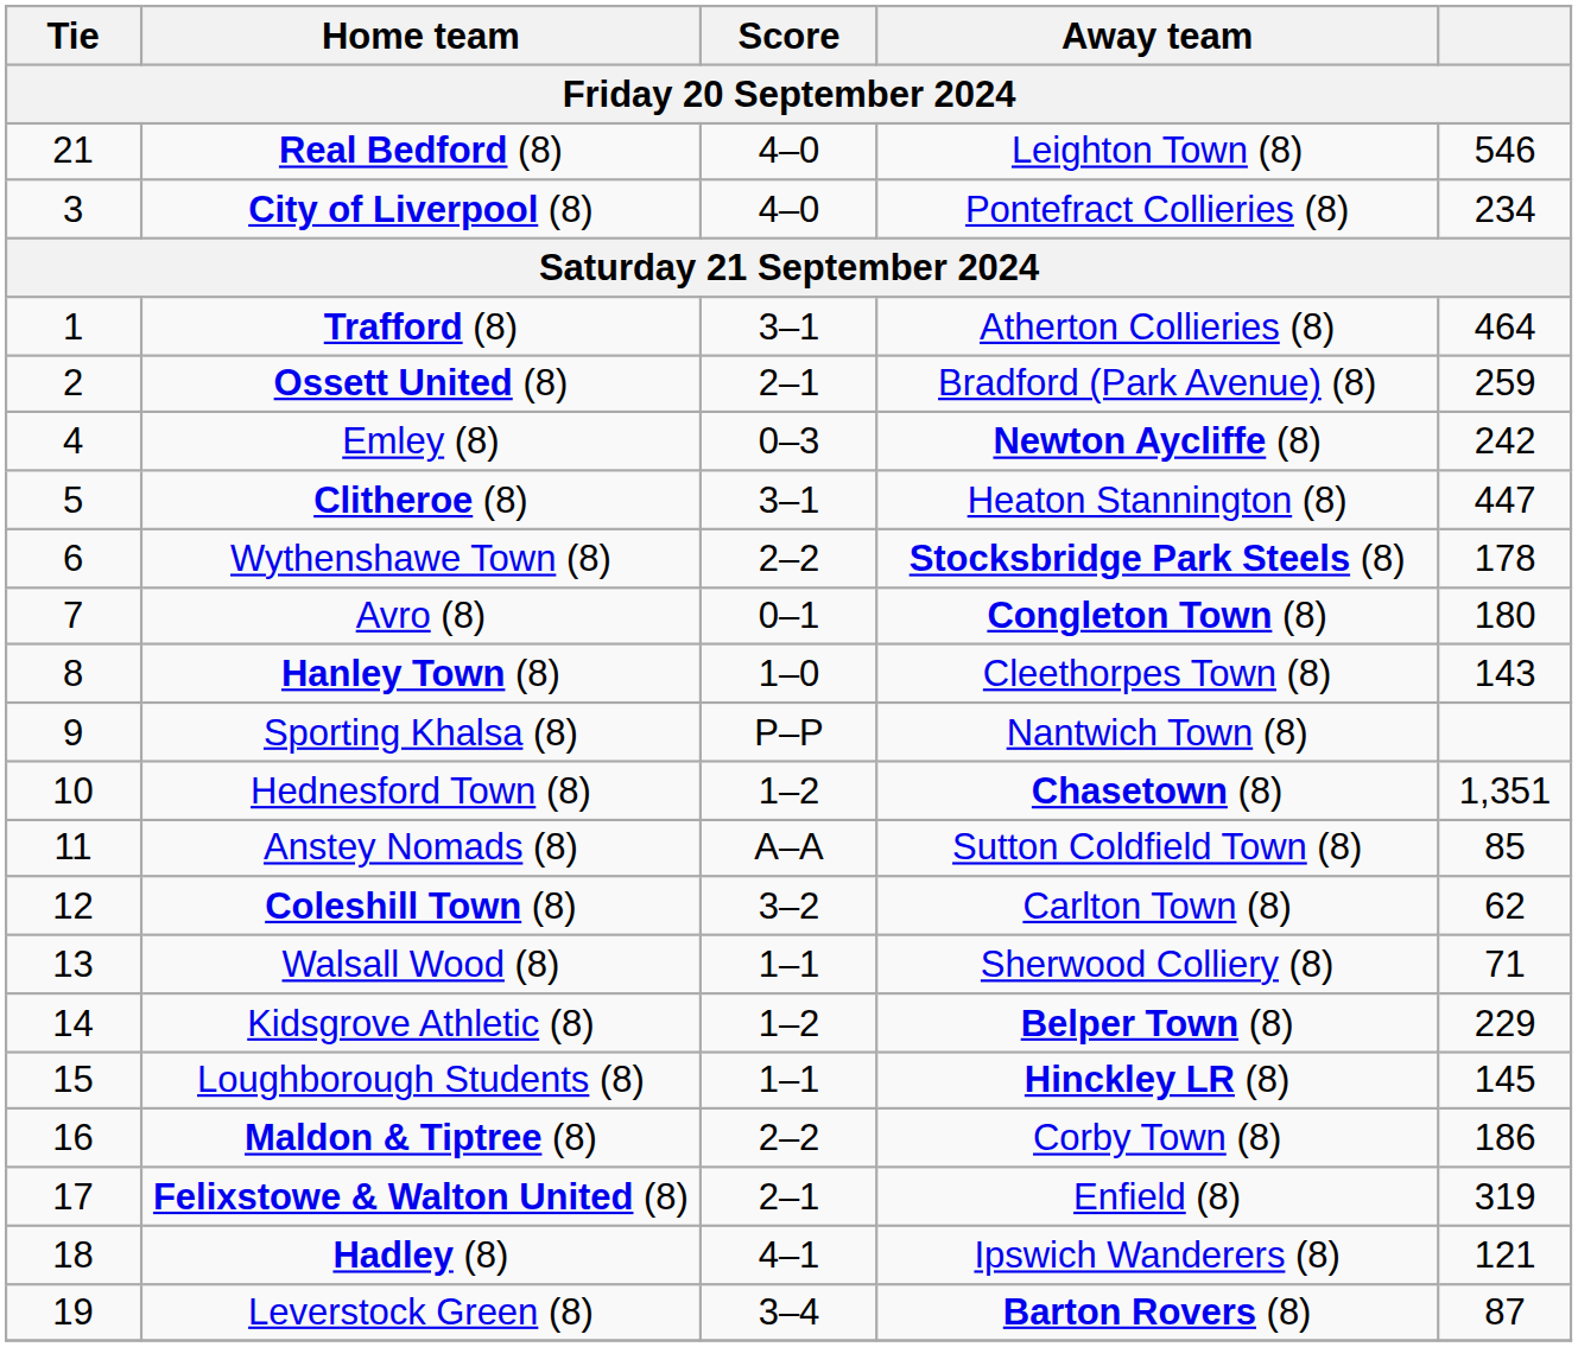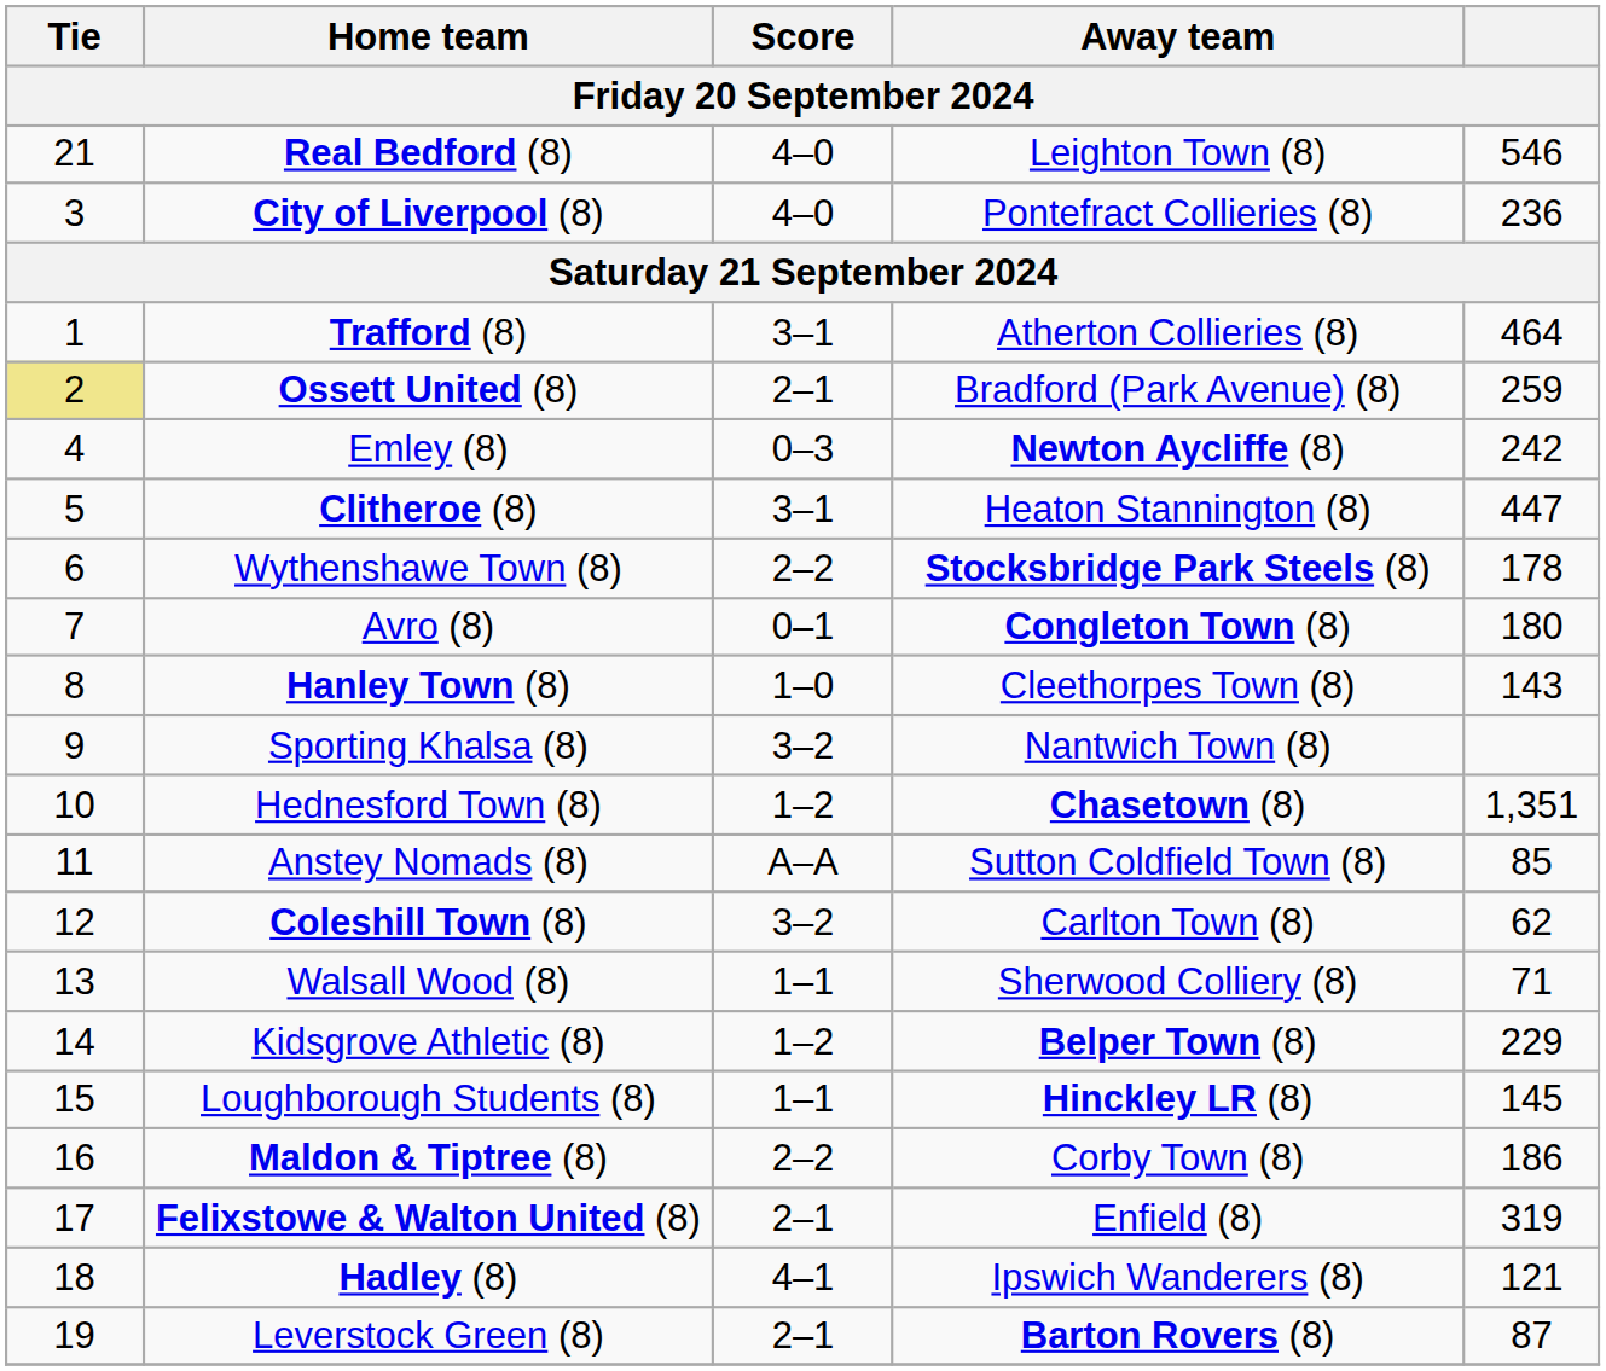 <table class="wikitable" style="text-align:center; font-size:90%">
 <tr>
 <th scope="col" style="width:  8.43%;">Tie</th>
 <th scope="col" style="width: 35.29%;">Home team</th>
 <th scope="col" style="width: 11.00%;">Score</th>
 <th scope="col" style="width: 35.29%;">Away team</th>
 <th scope="col" style="width:  8.43%;"></th>
 </tr>
 <tr>
 <th colspan="5"><strong>Friday 20 September 2024</strong></th>
 </tr>
 <tr>
 <td>21</td>
 <td><strong><a href='#'>Real Bedford</a></strong> (8)</td>
 <td>4–0</td>
 <td><a href='#'>Leighton Town</a> (8)</td>
 <td>546</td>
 </tr>
 <tr>
 <td>3</td>
 <td><strong><a href='#'>City of Liverpool</a></strong> (8)</td>
 <td>4–0</td>
 <td><a href='#'>Pontefract Collieries</a> (8)</td>
-<td>234</td>
+<td>236</td>
 </tr>
 <tr>
 <th colspan="5"><strong>Saturday 21 September 2024</strong></th>
 </tr>
 <tr>
 <td>1</td>
 <td><strong><a href='#'>Trafford</a></strong> (8)</td>
 <td>3–1</td>
 <td><a href='#'>Atherton Collieries</a> (8)</td>
 <td>464</td>
 </tr>
 <tr>
-<td>2</td>
+<td style="background: khaki;">2</td>
 <td><strong><a href='#'>Ossett United</a></strong> (8)</td>
 <td>2–1</td>
 <td><a href='#'>Bradford (Park Avenue)</a> (8)</td>
 <td>259</td>
 </tr>
 <tr>
 <td>4</td>
 <td><a href='#'>Emley</a> (8)</td>
 <td>0–3</td>
 <td><strong><a href='#'>Newton Aycliffe</a></strong> (8)</td>
 <td>242</td>
 </tr>
 <tr>
 <td>5</td>
 <td><strong><a href='#'>Clitheroe</a></strong> (8)</td>
 <td>3–1</td>
 <td><a href='#'>Heaton Stannington</a> (8)</td>
 <td>447</td>
 </tr>
 <tr>
 <td>6</td>
 <td><a href='#'>Wythenshawe Town</a> (8)</td>
 <td>2–2 </td>
 <td><strong><a href='#'>Stocksbridge Park Steels</a></strong> (8)</td>
 <td>178</td>
 </tr>
 <tr>
 <td>7</td>
 <td><a href='#'>Avro</a> (8)</td>
 <td>0–1</td>
 <td><strong><a href='#'>Congleton Town</a></strong> (8)</td>
 <td>180</td>
 </tr>
 <tr>
 <td>8</td>
 <td><strong><a href='#'>Hanley Town</a></strong> (8)</td>
 <td>1–0</td>
 <td><a href='#'>Cleethorpes Town</a> (8)</td>
 <td>143</td>
 </tr>
 <tr>
 <td>9</td>
 <td><a href='#'>Sporting Khalsa</a> (8)</td>
-<td>P–P</td>
+<td>3–2</td>
 <td><a href='#'>Nantwich Town</a> (8)</td>
 <td></td>
 </tr>
 <tr>
 <td>10</td>
 <td><a href='#'>Hednesford Town</a> (8)</td>
 <td>1–2</td>
 <td><strong><a href='#'>Chasetown</a></strong> (8)</td>
 <td>1,351</td>
 </tr>
 <tr>
 <td>11</td>
 <td><a href='#'>Anstey Nomads</a> (8)</td>
 <td>A–A</td>
 <td><a href='#'>Sutton Coldfield Town</a> (8)</td>
 <td>85</td>
 </tr>
 <tr>
 <td>12</td>
 <td><strong><a href='#'>Coleshill Town</a></strong> (8)</td>
 <td>3–2</td>
 <td><a href='#'>Carlton Town</a> (8)</td>
 <td>62</td>
 </tr>
 <tr>
 <td>13</td>
 <td><a href='#'>Walsall Wood</a> (8)</td>
 <td>1–1 </td>
 <td><a href='#'>Sherwood Colliery</a> (8)</td>
 <td>71</td>
 </tr>
 <tr>
 <td>14</td>
 <td><a href='#'>Kidsgrove Athletic</a> (8)</td>
 <td>1–2</td>
 <td><strong><a href='#'>Belper Town</a></strong> (8)</td>
 <td>229</td>
 </tr>
 <tr>
 <td>15</td>
 <td><a href='#'>Loughborough Students</a> (8)</td>
 <td>1–1 </td>
 <td><strong><a href='#'>Hinckley LR</a></strong> (8)</td>
 <td>145</td>
 </tr>
 <tr>
 <td>16</td>
 <td><strong><a href='#'>Maldon & Tiptree</a></strong> (8)</td>
 <td>2–2 </td>
 <td><a href='#'>Corby Town</a> (8)</td>
 <td>186</td>
 </tr>
 <tr>
 <td>17</td>
 <td><strong><a href='#'>Felixstowe & Walton United</a></strong> (8)</td>
 <td>2–1</td>
 <td><a href='#'>Enfield</a> (8)</td>
 <td>319</td>
 </tr>
 <tr>
 <td>18</td>
 <td><strong><a href='#'>Hadley</a></strong> (8)</td>
 <td>4–1</td>
 <td><a href='#'>Ipswich Wanderers</a> (8)</td>
 <td>121</td>
 </tr>
 <tr>
 <td>19</td>
 <td><a href='#'>Leverstock Green</a> (8)</td>
-<td>3–4</td>
+<td>2–1</td>
 <td><strong><a href='#'>Barton Rovers</a></strong> (8)</td>
 <td>87</td>
 </tr>
 <tr>
 </tr>
 </table>
